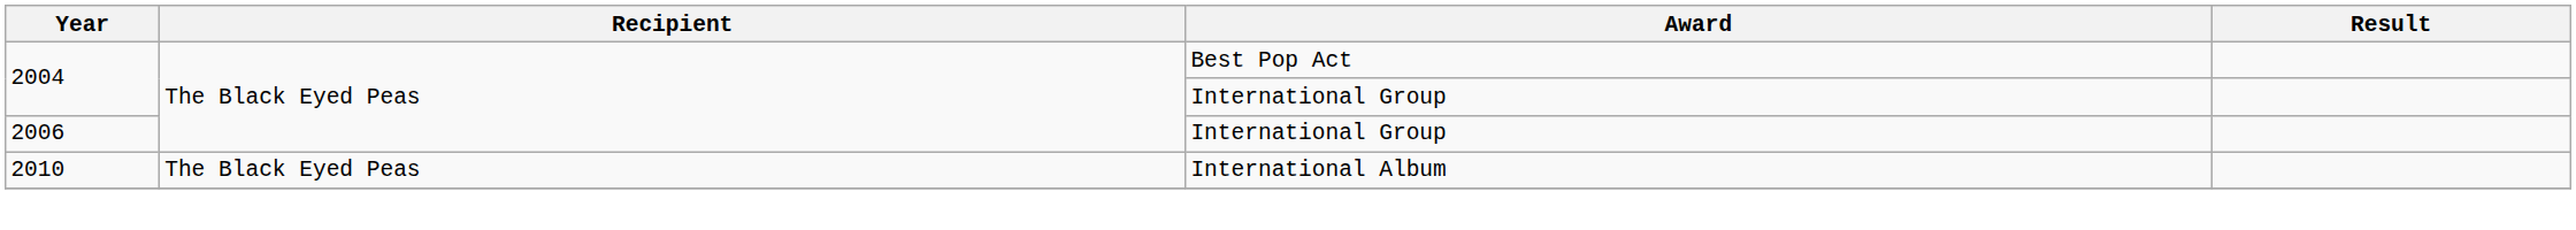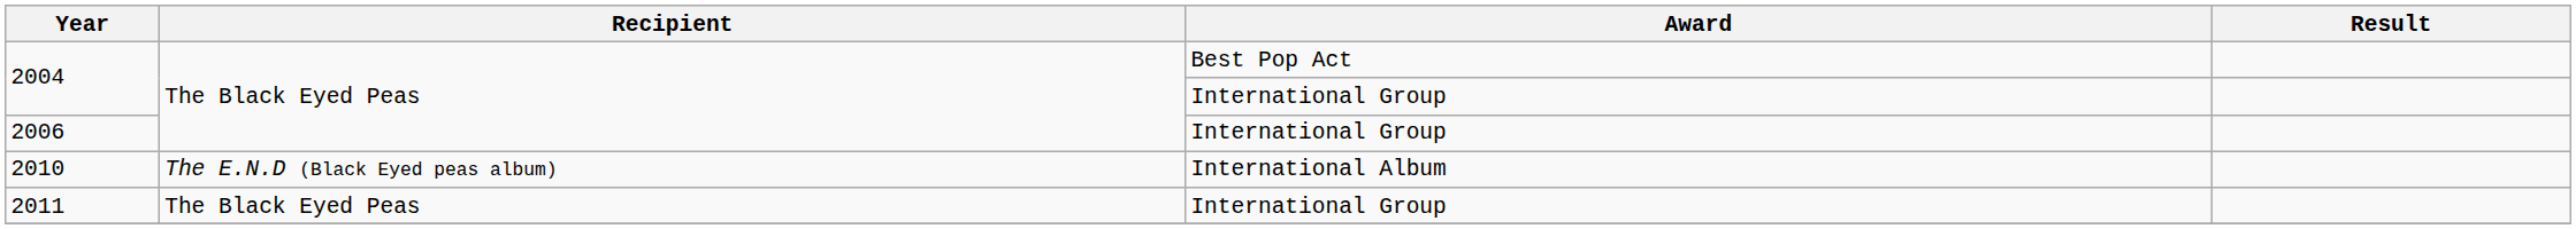 <table style="width: 75%;" class="wikitable">
 <tr>
 <th style="width:6%;"><strong>Year</strong></th>
 <th style="width:40%;"><strong>Recipient</strong></th>
 <th style="width:40%;"><strong>Award</strong></th>
 <th style="width:14%;"><strong>Result</strong></th>
 </tr>
 <tr>
 <td rowspan=2>2004</td>
 <td rowspan=3>The Black Eyed Peas</td>
 <td>Best Pop Act</td>
 <td></td>
 </tr>
 <tr>
 <td>International Group</td>
 <td></td>
 </tr>
 <tr>
 <td>2006</td>
 <td>International Group</td>
 <td></td>
 </tr>
 <tr>
 <td>2010</td>
+<td><em>The E.N.D</em> <small>(Black Eyed peas album)</small></td>
+<td>International Album</td>
+<td></td>
+</tr>
+<tr>
+<td>2011</td>
 <td>The Black Eyed Peas</td>
-<td>International Album</td>
+<td>International Group</td>
 <td></td>
 </tr>
 <tr>
 </tr>
 </table>
